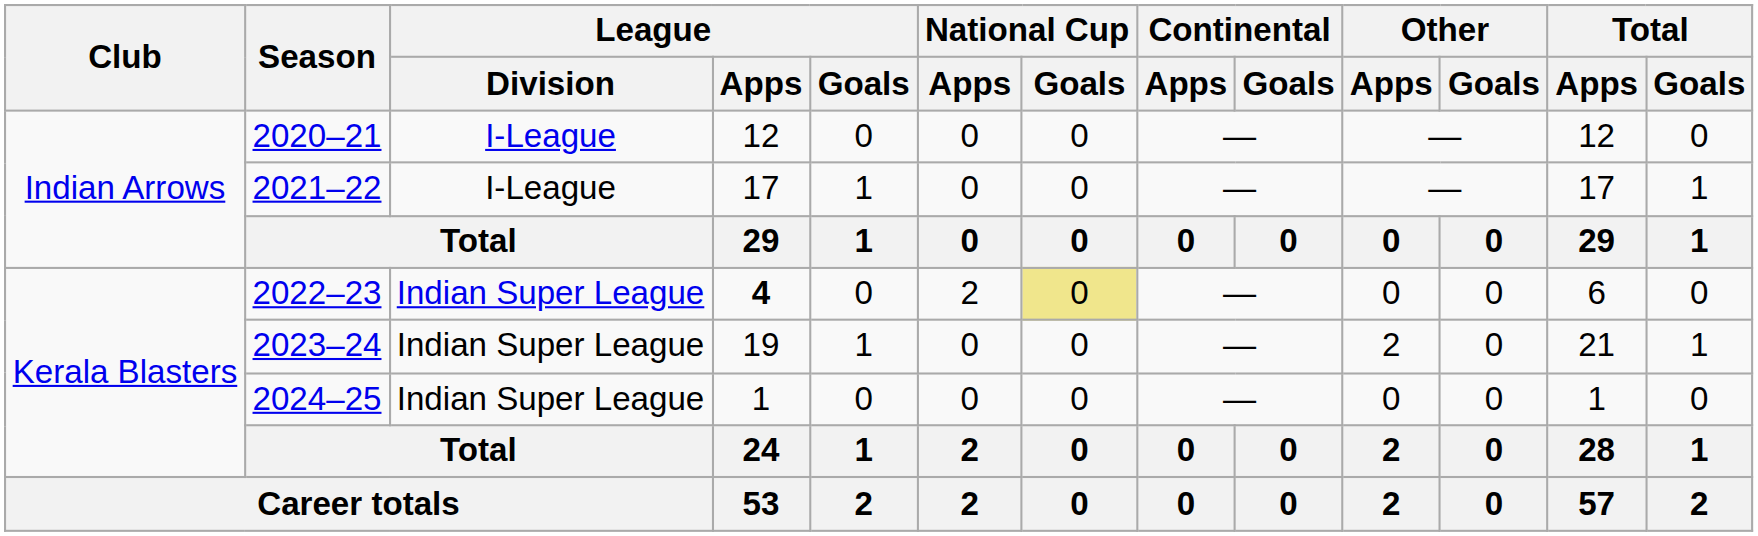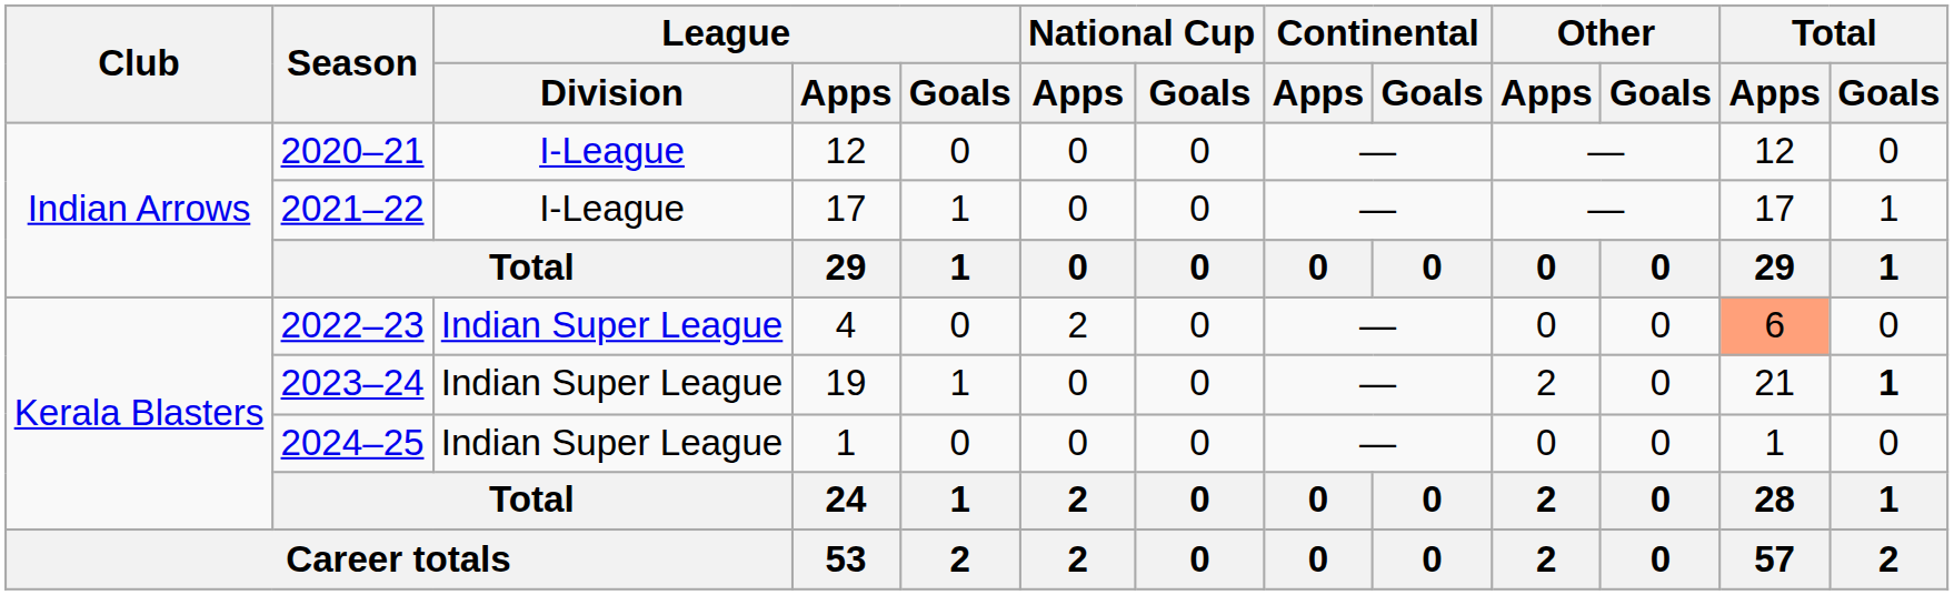 <table class="wikitable" style="text-align:center">
 <tr>
 <th rowspan="2">Club</th>
 <th rowspan="2">Season</th>
 <th colspan="3">League</th>
 <th colspan="2">National Cup</th>
 <th colspan="2">Continental</th>
 <th colspan="2">Other</th>
 <th colspan="2">Total</th>
 </tr>
 <tr>
 <th>Division</th>
 <th>Apps</th>
 <th>Goals</th>
 <th>Apps</th>
 <th>Goals</th>
 <th>Apps</th>
 <th>Goals</th>
 <th>Apps</th>
 <th>Goals</th>
 <th>Apps</th>
 <th>Goals</th>
 </tr>
 <tr>
 <td rowspan="3"><a href='#'>Indian Arrows</a></td>
 <td><a href='#'>2020–21</a></td>
 <td><a href='#'>I-League</a></td>
 <td>12</td>
 <td>0</td>
 <td>0</td>
 <td>0</td>
 <td colspan="2">—</td>
 <td colspan="2">—</td>
 <td>12</td>
 <td>0</td>
 </tr>
 <tr>
 <td><a href='#'>2021–22</a></td>
 <td>I-League</td>
 <td>17</td>
 <td>1</td>
 <td>0</td>
 <td>0</td>
 <td colspan="2">—</td>
 <td colspan="2">—</td>
 <td>17</td>
 <td>1</td>
 </tr>
 <tr>
 <th colspan="2">Total</th>
 <th>29</th>
 <th>1</th>
 <th>0</th>
 <th>0</th>
 <th>0</th>
 <th>0</th>
 <th>0</th>
 <th>0</th>
 <th>29</th>
 <th>1</th>
 </tr>
 <tr>
 <td rowspan="4"><a href='#'>Kerala Blasters</a></td>
 <td><a href='#'>2022–23</a></td>
 <td><a href='#'>Indian Super League</a></td>
-<td><strong>4</strong></td>
+<td>4</td>
 <td>0</td>
 <td>2</td>
-<td style="background: khaki;">0</td>
+<td>0</td>
 <td colspan="2">—</td>
 <td>0</td>
 <td>0</td>
-<td>6</td>
+<td style="background: lightsalmon;">6</td>
 <td>0</td>
 </tr>
 <tr>
 <td><a href='#'>2023–24</a></td>
 <td>Indian Super League</td>
 <td>19</td>
 <td>1</td>
 <td>0</td>
 <td>0</td>
 <td colspan="2">—</td>
 <td>2</td>
 <td>0</td>
 <td>21</td>
-<td>1</td>
+<td><strong>1</strong></td>
 </tr>
 <tr>
 <td><a href='#'>2024–25</a></td>
 <td>Indian Super League</td>
 <td>1</td>
 <td>0</td>
 <td>0</td>
 <td>0</td>
 <td colspan="2">—</td>
 <td>0</td>
 <td>0</td>
 <td>1</td>
 <td>0</td>
 </tr>
 <tr>
 <th colspan="2">Total</th>
 <th>24</th>
 <th>1</th>
 <th>2</th>
 <th>0</th>
 <th>0</th>
 <th>0</th>
 <th>2</th>
 <th>0</th>
 <th>28</th>
 <th>1</th>
 </tr>
 <tr>
 <th colspan="3">Career totals</th>
 <th>53</th>
 <th>2</th>
 <th>2</th>
 <th>0</th>
 <th>0</th>
 <th>0</th>
 <th>2</th>
 <th>0</th>
 <th>57</th>
 <th>2</th>
 </tr>
 </table>
